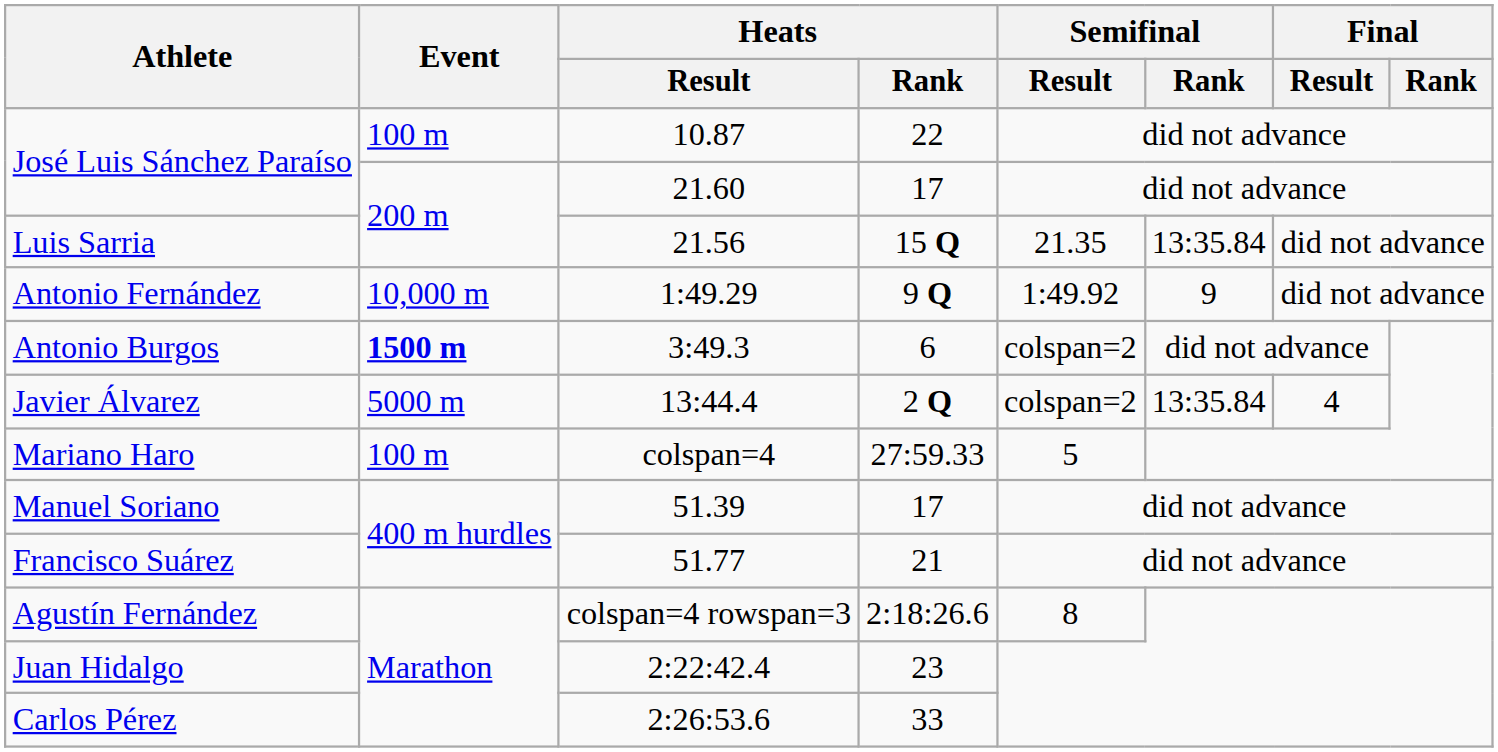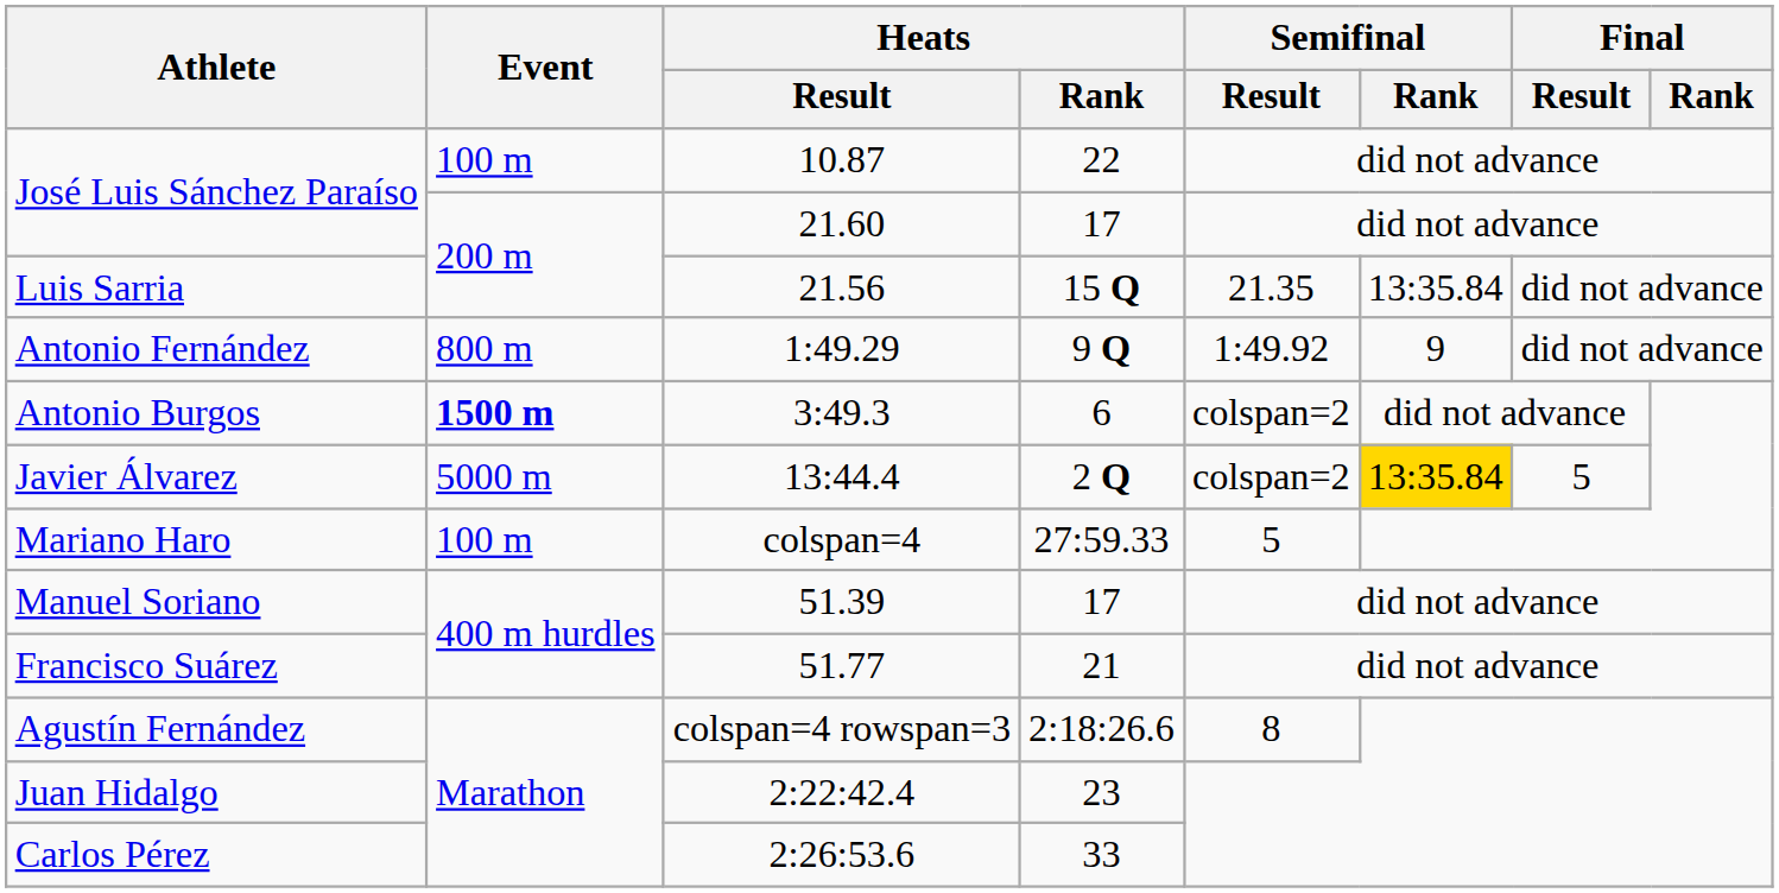 <table class="wikitable" style="font-size:90%">
 <tr>
 <th rowspan="2">Athlete</th>
 <th rowspan="2">Event</th>
 <th colspan="2">Heats</th>
 <th colspan="2">Semifinal</th>
 <th colspan="2">Final</th>
 </tr>
 <tr style="font-size:95%">
 <th>Result</th>
 <th>Rank</th>
 <th>Result</th>
 <th>Rank</th>
 <th>Result</th>
 <th>Rank</th>
 </tr>
 <tr align=center>
 <td align=left rowspan=2><a href='#'>José Luis Sánchez Paraíso</a></td>
 <td align=left><a href='#'>100 m</a></td>
 <td>10.87</td>
 <td>22</td>
 <td colspan=4>did not advance</td>
 </tr>
 <tr align=center>
 <td align=left rowspan=2><a href='#'>200 m</a></td>
 <td>21.60</td>
 <td>17</td>
 <td colspan=4>did not advance</td>
 </tr>
 <tr align=center>
 <td align=left><a href='#'>Luis Sarria</a></td>
 <td>21.56</td>
 <td>15 <strong>Q</strong></td>
 <td>21.35</td>
 <td>13:35.84</td>
 <td colspan=2>did not advance</td>
 </tr>
 <tr align=center>
 <td align=left><a href='#'>Antonio Fernández</a></td>
-<td align=left><a href='#'>10,000 m</a></td>
+<td align=left><a href='#'>800 m</a></td>
 <td>1:49.29</td>
 <td>9 <strong>Q</strong></td>
 <td>1:49.92</td>
 <td>9</td>
 <td colspan=2>did not advance</td>
 </tr>
 <tr align=center>
 <td align=left><a href='#'>Antonio Burgos</a></td>
 <td align=left><strong><a href='#'>1500 m</a></strong></td>
 <td>3:49.3</td>
 <td>6</td>
 <td>colspan=2 </td>
 <td colspan=2>did not advance</td>
 </tr>
 <tr align=center>
 <td align=left><a href='#'>Javier Álvarez</a></td>
 <td align=left><a href='#'>5000 m</a></td>
 <td>13:44.4</td>
 <td>2 <strong>Q</strong></td>
 <td>colspan=2 </td>
-<td>13:35.84</td>
-<td>4</td>
+<td style="background: gold;">13:35.84</td>
+<td>5</td>
 </tr>
 <tr align=center>
 <td align=left><a href='#'>Mariano Haro</a></td>
 <td align=left><a href='#'>100 m</a></td>
 <td>colspan=4 </td>
 <td>27:59.33 <strong></strong></td>
 <td>5</td>
 </tr>
 <tr align=center>
 <td align=left><a href='#'>Manuel Soriano</a></td>
 <td align=left rowspan=2><a href='#'>400 m hurdles</a></td>
 <td>51.39</td>
 <td>17</td>
 <td colspan=4>did not advance</td>
 </tr>
 <tr align=center>
 <td align=left><a href='#'>Francisco Suárez</a></td>
 <td>51.77</td>
 <td>21</td>
 <td colspan=4>did not advance</td>
 </tr>
 <tr align=center>
 <td align=left><a href='#'>Agustín Fernández</a></td>
 <td align=left rowspan=3><a href='#'>Marathon</a></td>
 <td>colspan=4 rowspan=3 </td>
 <td>2:18:26.6</td>
 <td>8</td>
 </tr>
 <tr align=center>
 <td align=left><a href='#'>Juan Hidalgo</a></td>
 <td>2:22:42.4</td>
 <td>23</td>
 </tr>
 <tr align=center>
 <td align=left><a href='#'>Carlos Pérez</a></td>
 <td>2:26:53.6</td>
 <td>33</td>
 </tr>
 </table>
